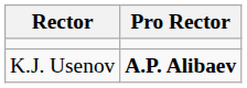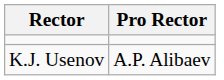 <table class="wikitable">
 <tr>
 <th>Rector</th>
 <th>Pro Rector</th>
 </tr>
 <tr>
 <td></td>
 <td></td>
 </tr>
 <tr>
 <td>K.J. Usenov</td>
-<td><strong>A.P. Alibaev</strong></td>
+<td>A.P. Alibaev</td>
 </tr>
 </table>
